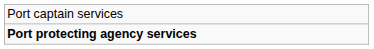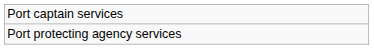 <table class="wikitable">
 <tr>
 <td width="460pt">Port captain services</td>
 </tr>
 <tr>
-<td><strong>Port protecting agency services</strong></td>
+<td>Port protecting agency services</td>
 </tr>
 </table>
